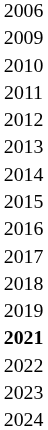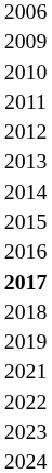 <table>
 <tr>
 <td align="center">2006</td>
 <td></td>
 <td></td>
 <td><br></td>
 </tr>
 <tr>
 <td align="center">2009</td>
 <td></td>
 <td></td>
 <td></td>
 </tr>
 <tr>
 <td align="center">2010</td>
 <td></td>
 <td></td>
 <td></td>
 </tr>
 <tr>
 <td align="center">2011</td>
 <td></td>
 <td></td>
 <td></td>
 </tr>
 <tr>
 <td align="center">2012</td>
 <td></td>
 <td></td>
 <td><br></td>
 </tr>
 <tr>
 <td align="center">2013</td>
 <td></td>
 <td></td>
 <td></td>
 </tr>
 <tr>
 <td align="center">2014</td>
 <td></td>
 <td></td>
 <td></td>
 </tr>
 <tr>
 <td align="center">2015</td>
 <td></td>
 <td></td>
 <td><br></td>
 </tr>
 <tr>
 <td align="center">2016</td>
 <td></td>
 <td></td>
 <td><br></td>
 </tr>
 <tr>
-<td align="center">2017</td>
+<td align="center"><strong>2017</strong></td>
 <td></td>
 <td></td>
 <td><br></td>
 </tr>
 <tr>
 <td align="center">2018</td>
 <td></td>
 <td></td>
 <td></td>
 </tr>
 <tr>
 <td align="center">2019</td>
 <td></td>
 <td></td>
 <td></td>
 </tr>
 <tr>
-<td align="center"><strong>2021</strong></td>
+<td align="center">2021</td>
 <td></td>
 <td></td>
 <td></td>
 </tr>
 <tr>
 <td align="center">2022</td>
 <td></td>
 <td></td>
 <td></td>
 </tr>
 <tr>
 <td align="center">2023</td>
 <td></td>
 <td></td>
 <td></td>
 </tr>
 <tr>
 <td align="center">2024</td>
 <td></td>
 <td></td>
 <td></td>
 </tr>
 </table>
